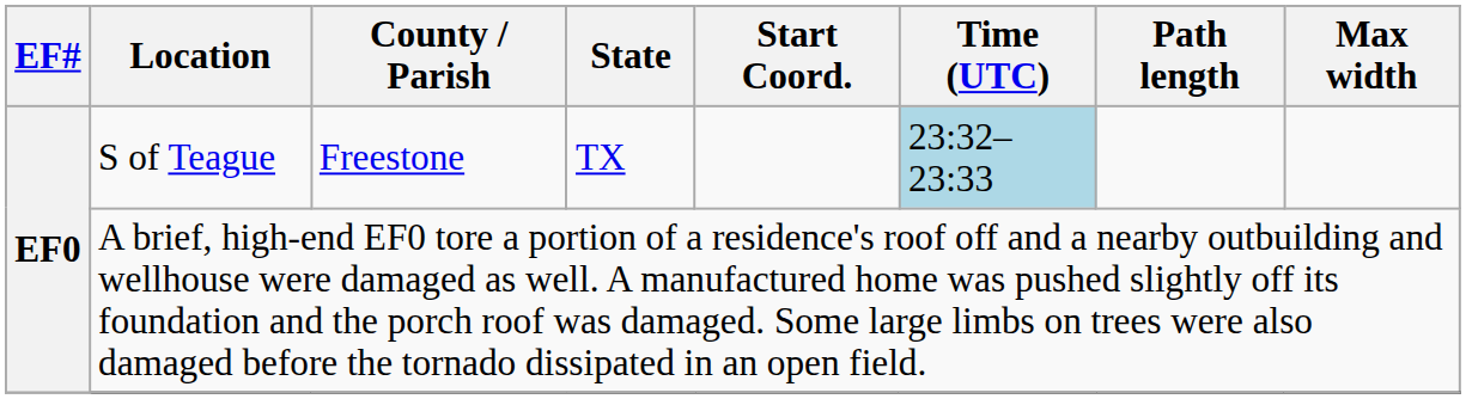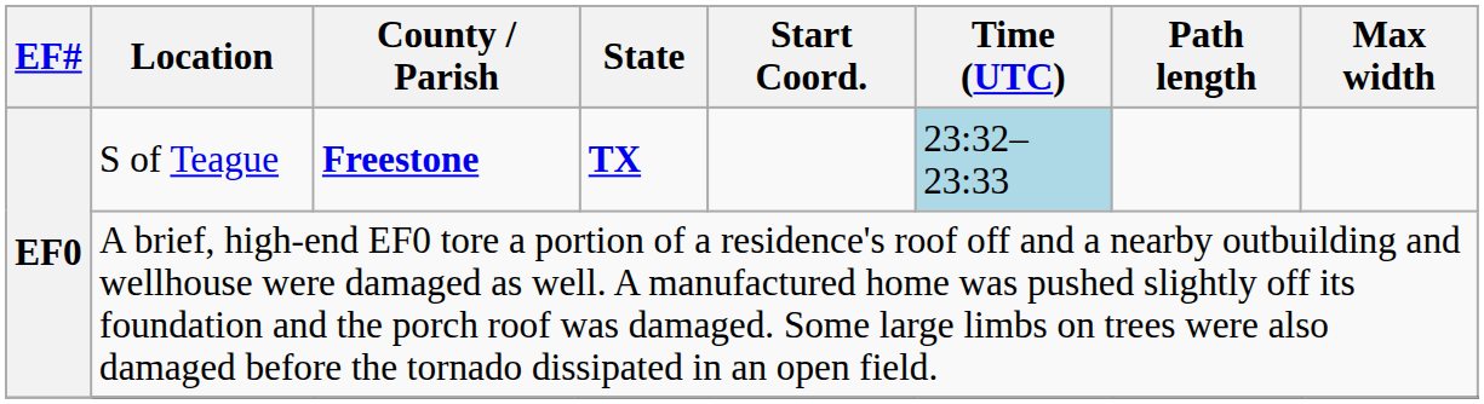 <table class="wikitable sortable" style="width:100%;">
 <tr>
 <th scope="col" width="2%" align="center"><a href='#'>EF#</a></th>
 <th scope="col" align="center" class="unsortable">Location</th>
 <th scope="col" align="center" class="unsortable">County / Parish</th>
 <th scope="col" align="center">State</th>
 <th scope="col" align="center">Start Coord.</th>
 <th scope="col" align="center">Time (<a href='#'>UTC</a>)</th>
 <th scope="col" align="center">Path length</th>
 <th scope="col" align="center">Max width</th>
 </tr>
 <tr>
 <th scope="row" rowspan="2" style="background-color:#">EF0</th>
 <td>S of <a href='#'>Teague</a></td>
-<td><a href='#'>Freestone</a></td>
-<td><a href='#'>TX</a></td>
+<td><strong><a href='#'>Freestone</a></strong></td>
+<td><strong><a href='#'>TX</a></strong></td>
 <td></td>
 <td style="background: lightblue;">23:32–23:33</td>
 <td></td>
 <td></td>
 </tr>
 <tr class="expand-child">
 <td colspan="8" style=" border-bottom: 1px solid black;">A brief, high-end EF0 tore a portion of a residence's roof off and a nearby outbuilding and wellhouse were damaged as well. A manufactured home was pushed slightly off its foundation and the porch roof was damaged. Some large limbs on trees were also damaged before the tornado dissipated in an open field.</td>
 </tr>
 <tr>
 </tr>
 </table>
